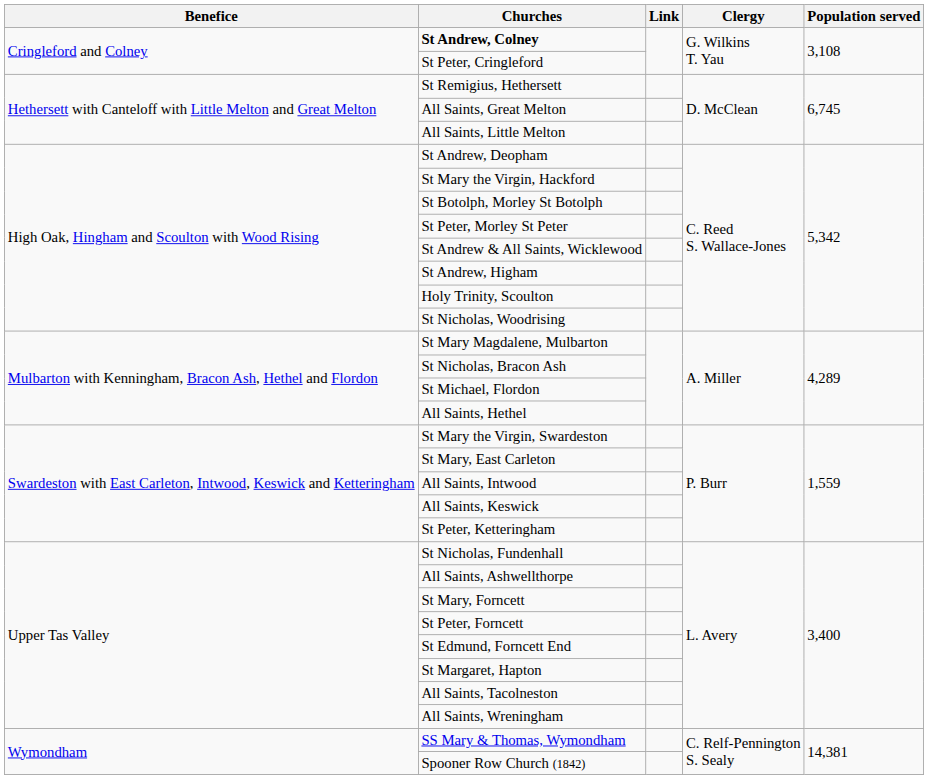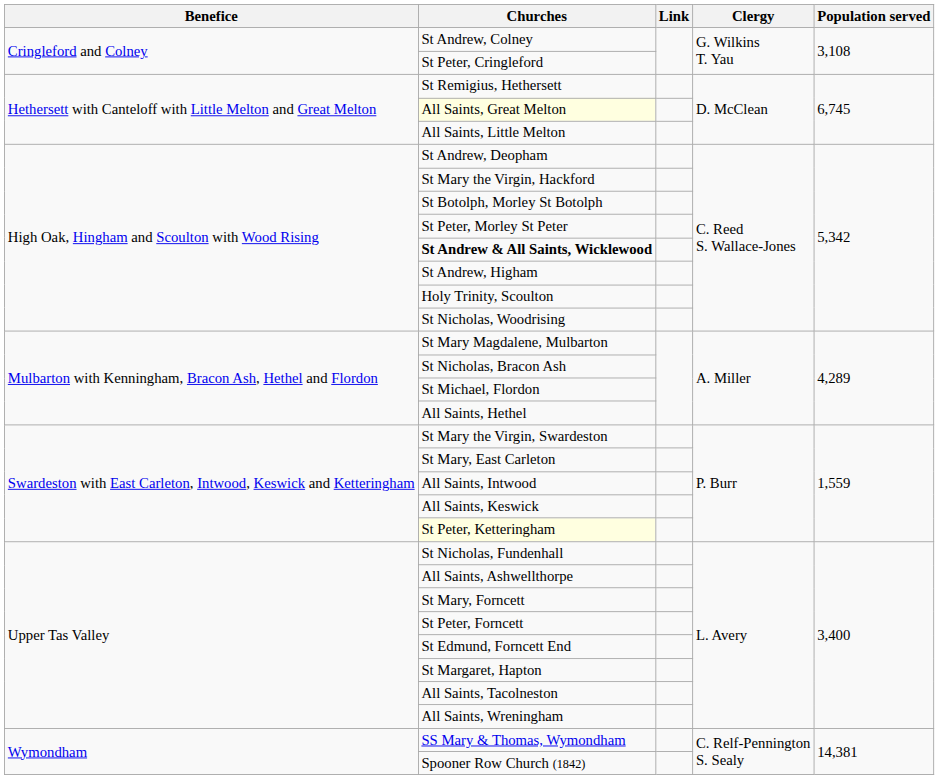 <table class="wikitable">
 <tr>
 <th>Benefice</th>
 <th>Churches</th>
 <th>Link</th>
 <th>Clergy</th>
 <th>Population served</th>
 </tr>
 <tr>
 <td rowspan="2"><a href='#'>Cringleford</a> and <a href='#'>Colney</a></td>
-<td><strong>St Andrew, Colney</strong></td>
+<td>St Andrew, Colney</td>
 <td rowspan="2"></td>
 <td rowspan="2">G. Wilkins<br>T. Yau</td>
 <td rowspan="2">3,108</td>
 </tr>
 <tr>
 <td>St Peter, Cringleford</td>
 </tr>
 <tr>
 <td rowspan="3"><a href='#'>Hethersett</a> with Canteloff with <a href='#'>Little Melton</a> and <a href='#'>Great Melton</a></td>
 <td>St Remigius, Hethersett</td>
 <td></td>
 <td rowspan="3">D. McClean</td>
 <td rowspan="3">6,745</td>
 </tr>
 <tr>
-<td>All Saints, Great Melton</td>
+<td style="background: lightyellow;">All Saints, Great Melton</td>
 <td></td>
 </tr>
 <tr>
 <td>All Saints, Little Melton</td>
 <td></td>
 </tr>
 <tr>
 <td rowspan="8">High Oak, <a href='#'>Hingham</a> and <a href='#'>Scoulton</a> with <a href='#'>Wood Rising</a></td>
 <td>St Andrew, Deopham</td>
 <td></td>
 <td rowspan="8">C. Reed<br>S. Wallace-Jones</td>
 <td rowspan="8">5,342</td>
 </tr>
 <tr>
 <td>St Mary the Virgin, Hackford</td>
 <td></td>
 </tr>
 <tr>
 <td>St Botolph, Morley St Botolph</td>
 <td></td>
 </tr>
 <tr>
 <td>St Peter, Morley St Peter</td>
 <td></td>
 </tr>
 <tr>
-<td>St Andrew & All Saints, Wicklewood</td>
+<td><strong>St Andrew & All Saints, Wicklewood</strong></td>
 <td></td>
 </tr>
 <tr>
 <td>St Andrew, Higham</td>
 <td></td>
 </tr>
 <tr>
 <td>Holy Trinity, Scoulton</td>
 <td></td>
 </tr>
 <tr>
 <td>St Nicholas, Woodrising</td>
 <td></td>
 </tr>
 <tr>
 <td rowspan="4"><a href='#'>Mulbarton</a> with Kenningham, <a href='#'>Bracon Ash</a>, <a href='#'>Hethel</a> and <a href='#'>Flordon</a></td>
 <td>St Mary Magdalene, Mulbarton</td>
 <td rowspan="4"></td>
 <td rowspan="4">A. Miller</td>
 <td rowspan="4">4,289</td>
 </tr>
 <tr>
 <td>St Nicholas, Bracon Ash</td>
 </tr>
 <tr>
 <td>St Michael, Flordon</td>
 </tr>
 <tr>
 <td>All Saints, Hethel</td>
 </tr>
 <tr>
 <td rowspan="5"><a href='#'>Swardeston</a> with <a href='#'>East Carleton</a>, <a href='#'>Intwood</a>, <a href='#'>Keswick</a> and <a href='#'>Ketteringham</a></td>
 <td>St Mary the Virgin, Swardeston</td>
 <td></td>
 <td rowspan="5">P. Burr</td>
 <td rowspan="5">1,559</td>
 </tr>
 <tr>
 <td>St Mary, East Carleton</td>
 <td></td>
 </tr>
 <tr>
 <td>All Saints, Intwood</td>
 <td></td>
 </tr>
 <tr>
 <td>All Saints, Keswick</td>
 <td></td>
 </tr>
 <tr>
-<td>St Peter, Ketteringham</td>
+<td style="background: lightyellow;">St Peter, Ketteringham</td>
 <td></td>
 </tr>
 <tr>
 <td rowspan="8">Upper Tas Valley</td>
 <td>St Nicholas, Fundenhall</td>
 <td></td>
 <td rowspan="8">L. Avery</td>
 <td rowspan="8">3,400</td>
 </tr>
 <tr>
 <td>All Saints, Ashwellthorpe</td>
 <td></td>
 </tr>
 <tr>
 <td>St Mary, Forncett</td>
 <td></td>
 </tr>
 <tr>
 <td>St Peter, Forncett</td>
 <td></td>
 </tr>
 <tr>
 <td>St Edmund, Forncett End</td>
 <td></td>
 </tr>
 <tr>
 <td>St Margaret, Hapton</td>
 <td></td>
 </tr>
 <tr>
 <td>All Saints, Tacolneston</td>
 <td></td>
 </tr>
 <tr>
 <td>All Saints, Wreningham</td>
 <td></td>
 </tr>
 <tr>
 <td rowspan="2"><a href='#'>Wymondham</a></td>
 <td><a href='#'>SS Mary & Thomas, Wymondham</a></td>
 <td></td>
 <td rowspan="2">C. Relf-Pennington<br>S. Sealy</td>
 <td rowspan="2">14,381</td>
 </tr>
 <tr>
 <td>Spooner Row Church <small>(1842)</small></td>
 <td></td>
 </tr>
 </table>
